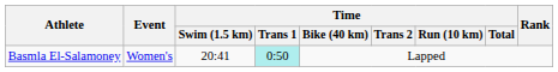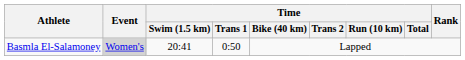 <table class="wikitable" style="font-size:90%">
 <tr>
 <th rowspan=2>Athlete</th>
 <th rowspan=2>Event</th>
 <th colspan=6>Time</th>
 <th rowspan=2>Rank</th>
 </tr>
 <tr style="font-size:95%">
 <th>Swim (1.5 km)</th>
 <th>Trans 1</th>
 <th>Bike (40 km)</th>
 <th>Trans 2</th>
 <th>Run (10 km)</th>
 <th>Total</th>
 </tr>
 <tr align=center>
 <td align=left><a href='#'>Basmla El-Salamoney</a></td>
-<td align=left><a href='#'>Women's</a></td>
+<td align=left style="background: lightgrey;"><a href='#'>Women's</a></td>
 <td>20:41</td>
-<td style="background: paleturquoise;">0:50</td>
+<td>0:50</td>
 <td colspan=5>Lapped</td>
 </tr>
 </table>
